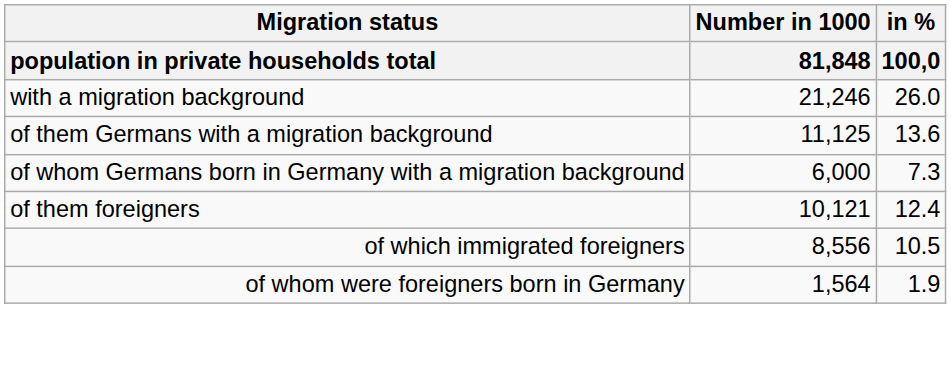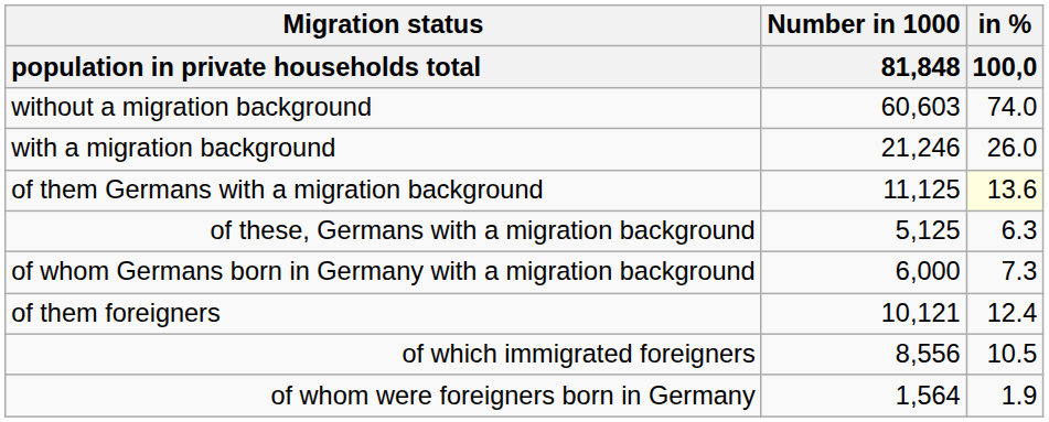 <table class="wikitable zebra" style="text-align:right">
 <tr>
 <th><strong>Migration status</strong></th>
 <th><strong>Number in 1000</strong></th>
 <th>in %</th>
 </tr>
 <tr>
 <th style="text-align:left">population in private households total</th>
 <th style="text-align:right">81,848</th>
 <th style="text-align:right">100,0</th>
 </tr>
 <tr>
+<td style="text-align:left">without a migration background</td>
+<td>60,603</td>
+<td>74.0</td>
+</tr>
+<tr>
 <td style="text-align:left">with a migration background</td>
 <td>21,246</td>
 <td>26.0</td>
 </tr>
 <tr>
 <td style="text-align:left">of them Germans with a migration background</td>
 <td>11,125</td>
-<td>13.6</td>
+<td style="background: lightyellow;">13.6</td>
+</tr>
+<tr>
+<td style="text-padding-left:2em">of these, Germans with a migration background</td>
+<td>5,125</td>
+<td>6.3</td>
 </tr>
 <tr>
 <td style="text-padding-left:2em">of whom Germans born in Germany with a migration background</td>
 <td>6,000</td>
 <td>7.3</td>
 </tr>
 <tr>
 <td style="text-align:left">of them foreigners</td>
 <td>10,121</td>
 <td>12.4</td>
 </tr>
 <tr>
 <td style="text-padding-left:2em">of which immigrated foreigners</td>
 <td>8,556</td>
 <td>10.5</td>
 </tr>
 <tr>
 <td style="text-padding-left:2em">of whom were foreigners born in Germany</td>
 <td>1,564</td>
 <td>1.9</td>
 </tr>
 </table>
